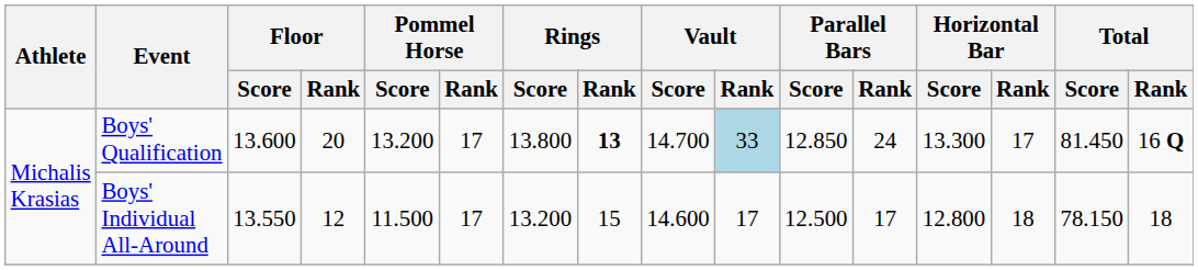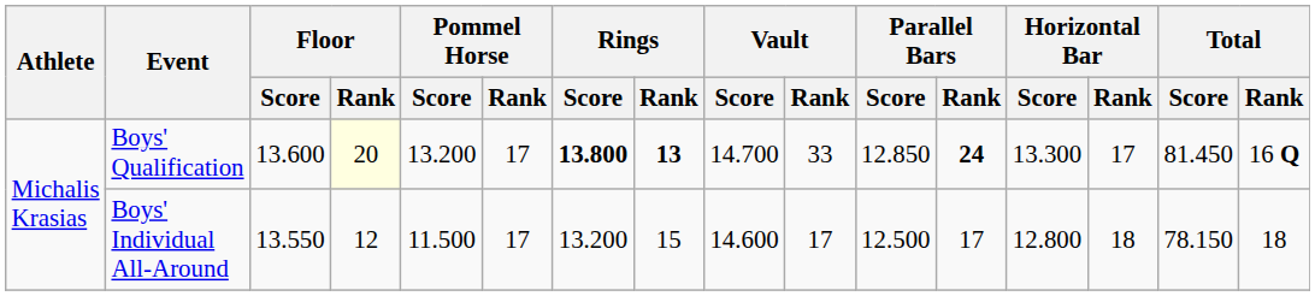 <table class="wikitable" border="1" style="font-size:90%">
 <tr>
 <th rowspan=2>Athlete</th>
 <th rowspan=2>Event</th>
 <th colspan=2>Floor</th>
 <th colspan=2>Pommel Horse</th>
 <th colspan=2>Rings</th>
 <th colspan=2>Vault</th>
 <th colspan=2>Parallel Bars</th>
 <th colspan=2>Horizontal Bar</th>
 <th colspan=2>Total</th>
 </tr>
 <tr>
 <th>Score</th>
 <th>Rank</th>
 <th>Score</th>
 <th>Rank</th>
 <th>Score</th>
 <th>Rank</th>
 <th>Score</th>
 <th>Rank</th>
 <th>Score</th>
 <th>Rank</th>
 <th>Score</th>
 <th>Rank</th>
 <th>Score</th>
 <th>Rank</th>
 </tr>
 <tr>
 <td rowspan=2><a href='#'>Michalis Krasias</a></td>
 <td><a href='#'>Boys' Qualification</a></td>
 <td align=center>13.600</td>
-<td align=center>20</td>
+<td align=center style="background: lightyellow;">20</td>
 <td align=center>13.200</td>
 <td align=center>17</td>
-<td align=center>13.800</td>
+<td align=center><strong>13.800</strong></td>
 <td align=center><strong>13</strong></td>
 <td align=center>14.700</td>
-<td align=center style="background: lightblue;">33</td>
+<td align=center>33</td>
 <td align=center>12.850</td>
-<td align=center>24</td>
+<td align=center><strong>24</strong></td>
 <td align=center>13.300</td>
 <td align=center>17</td>
 <td align=center>81.450</td>
 <td align=center>16 <strong>Q</strong></td>
 </tr>
 <tr>
 <td><a href='#'>Boys' Individual All-Around</a></td>
 <td align=center>13.550</td>
 <td align=center>12</td>
 <td align=center>11.500</td>
 <td align=center>17</td>
 <td align=center>13.200</td>
 <td align=center>15</td>
 <td align=center>14.600</td>
 <td align=center>17</td>
 <td align=center>12.500</td>
 <td align=center>17</td>
 <td align=center>12.800</td>
 <td align=center>18</td>
 <td align=center>78.150</td>
 <td align=center>18</td>
 </tr>
 </table>
